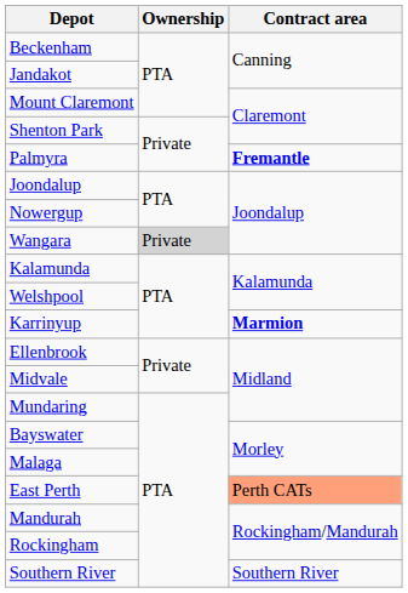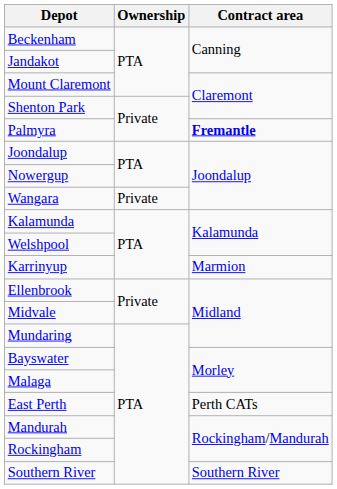 <table class="wikitable">
 <tr>
 <th>Depot</th>
 <th>Ownership</th>
 <th>Contract area</th>
 </tr>
 <tr>
 <td><a href='#'>Beckenham</a></td>
 <td rowspan="3">PTA</td>
 <td rowspan="2">Canning</td>
 </tr>
 <tr>
 <td><a href='#'>Jandakot</a></td>
 </tr>
 <tr>
 <td><a href='#'>Mount Claremont</a></td>
 <td rowspan="2"><a href='#'>Claremont</a></td>
 </tr>
 <tr>
 <td><a href='#'>Shenton Park</a></td>
 <td rowspan="2">Private</td>
 </tr>
 <tr>
 <td><a href='#'>Palmyra</a></td>
 <td><strong><a href='#'>Fremantle</a></strong></td>
 </tr>
 <tr>
 <td><a href='#'>Joondalup</a></td>
 <td rowspan="2">PTA</td>
 <td rowspan="3"><a href='#'>Joondalup</a></td>
 </tr>
 <tr>
 <td><a href='#'>Nowergup</a></td>
 </tr>
 <tr>
 <td><a href='#'>Wangara</a></td>
-<td style="background: lightgrey;">Private</td>
+<td>Private</td>
 </tr>
 <tr>
 <td><a href='#'>Kalamunda</a></td>
 <td rowspan="3">PTA</td>
 <td rowspan="2"><a href='#'>Kalamunda</a></td>
 </tr>
 <tr>
 <td><a href='#'>Welshpool</a></td>
 </tr>
 <tr>
 <td><a href='#'>Karrinyup</a></td>
-<td><strong><a href='#'>Marmion</a></strong></td>
+<td><a href='#'>Marmion</a></td>
 </tr>
 <tr>
 <td><a href='#'>Ellenbrook</a></td>
 <td rowspan="2">Private</td>
 <td rowspan="3"><a href='#'>Midland</a></td>
 </tr>
 <tr>
 <td><a href='#'>Midvale</a></td>
 </tr>
 <tr>
 <td><a href='#'>Mundaring</a></td>
 <td rowspan="7">PTA</td>
 </tr>
 <tr>
 <td><a href='#'>Bayswater</a></td>
 <td rowspan="2"><a href='#'>Morley</a></td>
 </tr>
 <tr>
 <td><a href='#'>Malaga</a></td>
 </tr>
 <tr>
 <td><a href='#'>East Perth</a></td>
-<td style="background: lightsalmon;">Perth CATs</td>
+<td>Perth CATs</td>
 </tr>
 <tr>
 <td><a href='#'>Mandurah</a></td>
 <td rowspan="2"><a href='#'>Rockingham</a>/<a href='#'>Mandurah</a></td>
 </tr>
 <tr>
 <td><a href='#'>Rockingham</a></td>
 </tr>
 <tr>
 <td><a href='#'>Southern River</a></td>
 <td><a href='#'>Southern River</a></td>
 </tr>
 </table>
